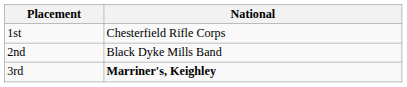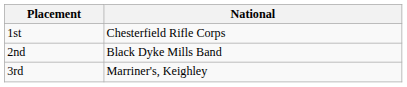 <table class="wikitable">
 <tr>
 <th scope="column" width="15%">Placement</th>
 <th scope="column" width="45%" class="unsortable">National</th>
 </tr>
 <tr>
 <td>1st</td>
 <td>Chesterfield Rifle Corps</td>
 </tr>
 <tr>
 <td>2nd</td>
 <td>Black Dyke Mills Band</td>
 </tr>
 <tr>
 <td>3rd</td>
-<td><strong>Marriner's, Keighley</strong></td>
+<td>Marriner's, Keighley</td>
 </tr>
 </table>
